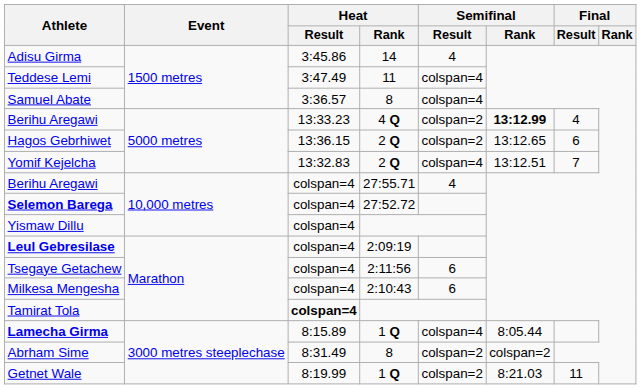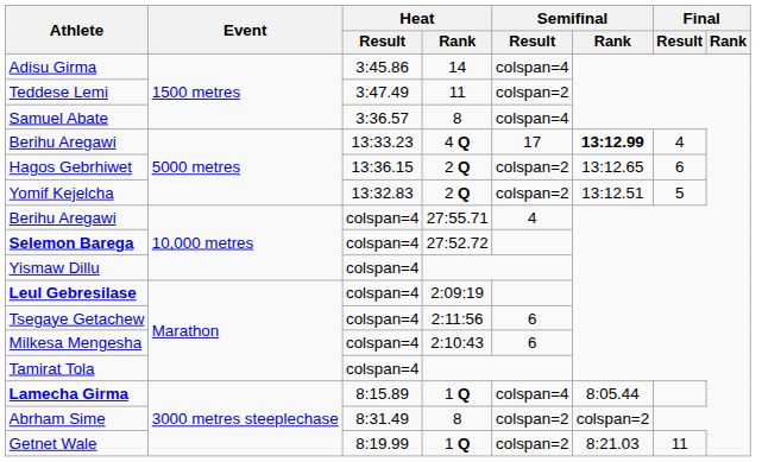 <table class="wikitable" style="font-size:90%">
 <tr>
 <th rowspan="2">Athlete</th>
 <th rowspan="2">Event</th>
 <th colspan="2">Heat</th>
 <th colspan="2">Semifinal</th>
 <th colspan="2">Final</th>
 </tr>
 <tr style="font-size:95%">
 <th>Result</th>
 <th>Rank</th>
 <th>Result</th>
 <th>Rank</th>
 <th>Result</th>
 <th>Rank</th>
 </tr>
 <tr style=text-align:center>
 <td style=text-align:left><a href='#'>Adisu Girma</a></td>
 <td style=text-align:left rowspan=3><a href='#'>1500 metres</a></td>
 <td>3:45.86</td>
 <td>14</td>
-<td>4</td>
+<td>colspan=4 </td>
 </tr>
 <tr style=text-align:center>
 <td style=text-align:left><a href='#'>Teddese Lemi</a></td>
 <td>3:47.49</td>
 <td>11</td>
-<td>colspan=4 </td>
+<td>colspan=2</td>
 </tr>
 <tr style=text-align:center>
 <td style=text-align:left><a href='#'>Samuel Abate</a></td>
 <td>3:36.57</td>
 <td>8</td>
 <td>colspan=4 </td>
 </tr>
 <tr style=text-align:center>
 <td style=text-align:left><a href='#'>Berihu Aregawi</a></td>
 <td style=text-align:left rowspan=3><a href='#'>5000 metres</a></td>
 <td>13:33.23</td>
 <td>4 <strong>Q</strong></td>
-<td>colspan=2</td>
+<td>17</td>
 <td><strong>13:12.99</strong></td>
 <td>4</td>
 </tr>
 <tr style=text-align:center>
 <td style=text-align:left><a href='#'>Hagos Gebrhiwet</a></td>
 <td>13:36.15</td>
 <td>2 <strong>Q</strong></td>
 <td>colspan=2</td>
 <td>13:12.65</td>
 <td>6</td>
 </tr>
 <tr style=text-align:center>
 <td style=text-align:left><a href='#'>Yomif Kejelcha</a></td>
 <td>13:32.83</td>
 <td>2 <strong>Q</strong></td>
-<td>colspan=4 </td>
+<td>colspan=2</td>
 <td>13:12.51</td>
-<td>7</td>
+<td>5</td>
 </tr>
 <tr style=text-align:center>
 <td style=text-align:left><a href='#'>Berihu Aregawi</a></td>
 <td style=text-align:left rowspan=3><a href='#'>10,000 metres</a></td>
 <td>colspan=4</td>
 <td>27:55.71</td>
 <td>4</td>
 </tr>
 <tr style=text-align:center>
 <td style=text-align:left><strong><a href='#'>Selemon Barega</a></strong></td>
 <td>colspan=4</td>
 <td>27:52.72</td>
 <td></td>
 </tr>
 <tr style=text-align:center>
 <td style=text-align:left><a href='#'>Yismaw Dillu</a></td>
 <td>colspan=4</td>
 <td colspan=2></td>
 </tr>
 <tr style=text-align:center>
 <td style=text-align:left><strong><a href='#'>Leul Gebresilase</a></strong></td>
 <td style=text-align:left rowspan=4><a href='#'>Marathon</a></td>
 <td>colspan=4</td>
 <td>2:09:19</td>
 <td></td>
 </tr>
 <tr style=text-align:center>
 <td style=text-align:left><a href='#'>Tsegaye Getachew</a></td>
 <td>colspan=4</td>
 <td>2:11:56</td>
 <td>6</td>
 </tr>
 <tr style=text-align:center>
 <td style=text-align:left><a href='#'>Milkesa Mengesha</a></td>
 <td>colspan=4</td>
 <td>2:10:43</td>
 <td>6</td>
 </tr>
 <tr style=text-align:center>
 <td style=text-align:left><a href='#'>Tamirat Tola</a></td>
-<td><strong>colspan=4</strong></td>
+<td>colspan=4</td>
 <td colspan=2></td>
 </tr>
 <tr style=text-align:center>
 <td style=text-align:left><strong><a href='#'>Lamecha Girma</a></strong></td>
 <td style=text-align:left rowspan=3><a href='#'>3000 metres steeplechase</a></td>
 <td>8:15.89</td>
 <td>1 <strong>Q</strong></td>
 <td>colspan=4 </td>
 <td>8:05.44</td>
 <td></td>
 </tr>
 <tr style=text-align:center>
 <td style=text-align:left><a href='#'>Abrham Sime</a></td>
 <td>8:31.49</td>
 <td>8</td>
 <td>colspan=2</td>
 <td>colspan=2 </td>
 </tr>
 <tr style=text-align:center>
 <td style=text-align:left><a href='#'>Getnet Wale</a></td>
 <td>8:19.99</td>
 <td>1 <strong>Q</strong></td>
 <td>colspan=2</td>
 <td>8:21.03</td>
 <td>11</td>
 </tr>
 </table>
